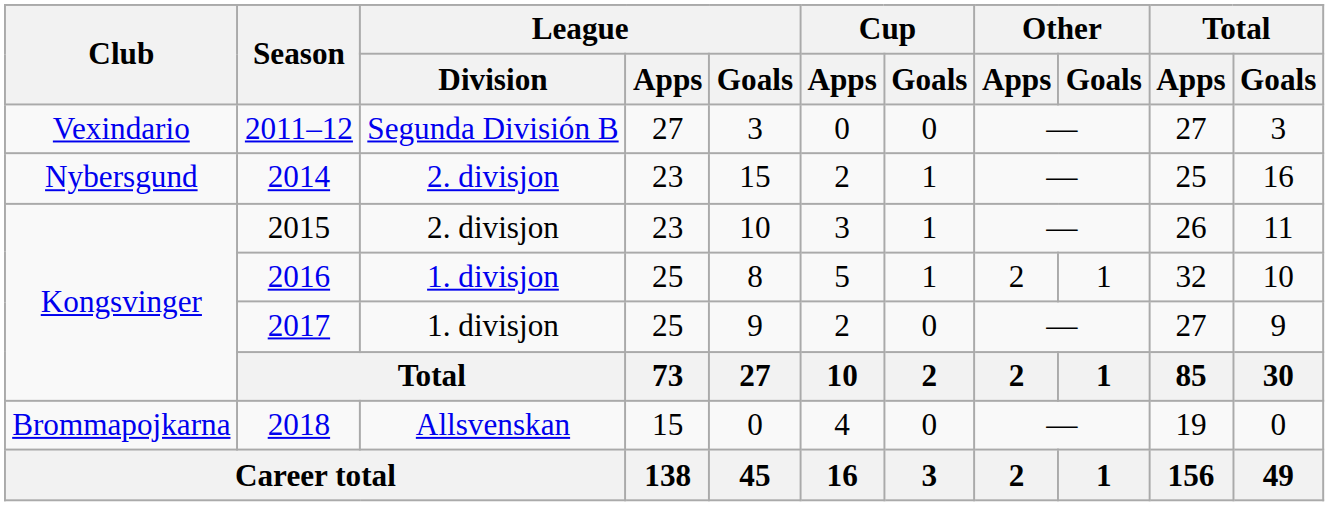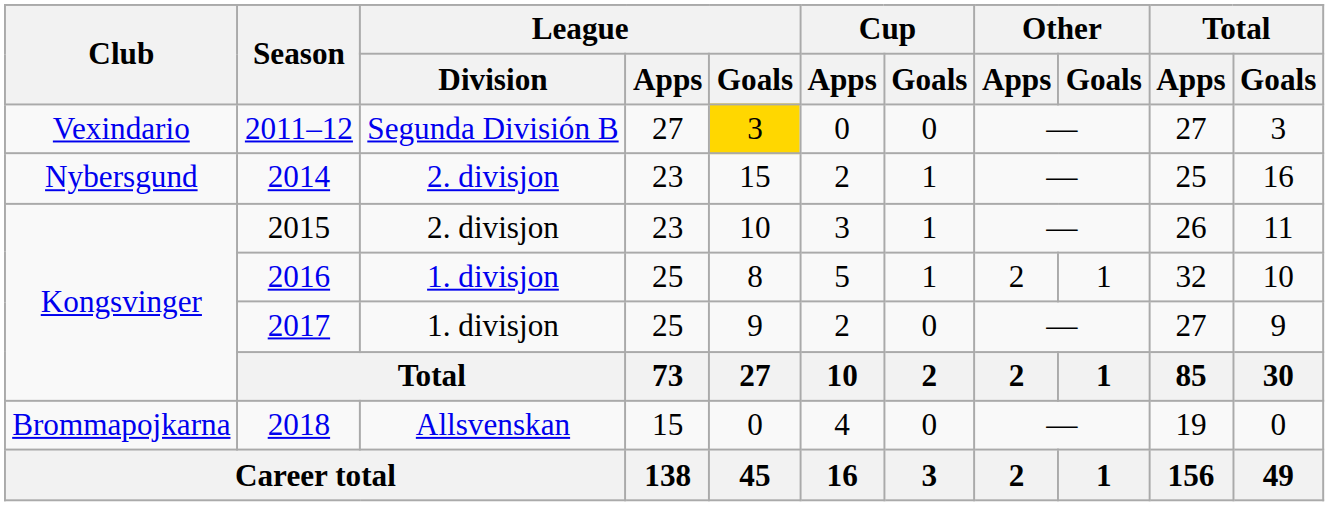 <table class="wikitable" style="text-align: center;">
 <tr>
 <th rowspan="2">Club</th>
 <th rowspan="2">Season</th>
 <th colspan="3">League</th>
 <th colspan="2">Cup</th>
 <th colspan="2">Other</th>
 <th colspan="2">Total</th>
 </tr>
 <tr>
 <th>Division</th>
 <th>Apps</th>
 <th>Goals</th>
 <th>Apps</th>
 <th>Goals</th>
 <th>Apps</th>
 <th>Goals</th>
 <th>Apps</th>
 <th>Goals</th>
 </tr>
 <tr>
 <td rowspan="1"><a href='#'>Vexindario</a></td>
 <td><a href='#'>2011–12</a></td>
 <td><a href='#'>Segunda División B</a></td>
 <td>27</td>
-<td>3</td>
+<td style="background: gold;">3</td>
 <td>0</td>
 <td>0</td>
 <td colspan="2">—</td>
 <td>27</td>
 <td>3</td>
 </tr>
 <tr>
 <td><a href='#'>Nybersgund</a></td>
 <td><a href='#'>2014</a></td>
 <td><a href='#'>2. divisjon</a></td>
 <td>23</td>
 <td>15</td>
 <td>2</td>
 <td>1</td>
 <td colspan="2">—</td>
 <td>25</td>
 <td>16</td>
 </tr>
 <tr>
 <td rowspan="4"><a href='#'>Kongsvinger</a></td>
 <td>2015</td>
 <td>2. divisjon</td>
 <td>23</td>
 <td>10</td>
 <td>3</td>
 <td>1</td>
 <td colspan="2">—</td>
 <td>26</td>
 <td>11</td>
 </tr>
 <tr>
 <td><a href='#'>2016</a></td>
 <td><a href='#'>1. divisjon</a></td>
 <td>25</td>
 <td>8</td>
 <td>5</td>
 <td>1</td>
 <td>2</td>
 <td>1</td>
 <td>32</td>
 <td>10</td>
 </tr>
 <tr>
 <td><a href='#'>2017</a></td>
 <td>1. divisjon</td>
 <td>25</td>
 <td>9</td>
 <td>2</td>
 <td>0</td>
 <td colspan="2">—</td>
 <td>27</td>
 <td>9</td>
 </tr>
 <tr>
 <th colspan="2">Total</th>
 <th>73</th>
 <th>27</th>
 <th>10</th>
 <th>2</th>
 <th>2</th>
 <th>1</th>
 <th>85</th>
 <th>30</th>
 </tr>
 <tr>
 <td rowspan="1"><a href='#'>Brommapojkarna</a></td>
 <td><a href='#'>2018</a></td>
 <td><a href='#'>Allsvenskan</a></td>
 <td>15</td>
 <td>0</td>
 <td>4</td>
 <td>0</td>
 <td colspan="2">—</td>
 <td>19</td>
 <td>0</td>
 </tr>
 <tr>
 <th colspan="3">Career total</th>
 <th>138</th>
 <th>45</th>
 <th>16</th>
 <th>3</th>
 <th>2</th>
 <th>1</th>
 <th>156</th>
 <th>49</th>
 </tr>
 </table>
